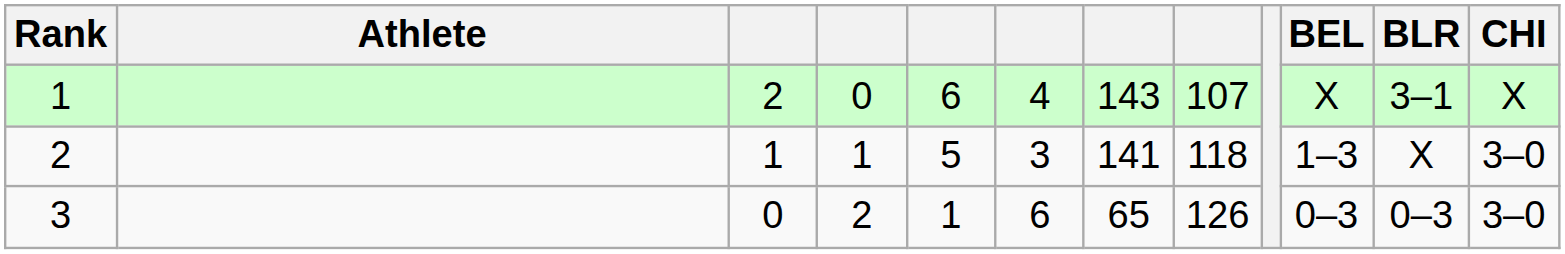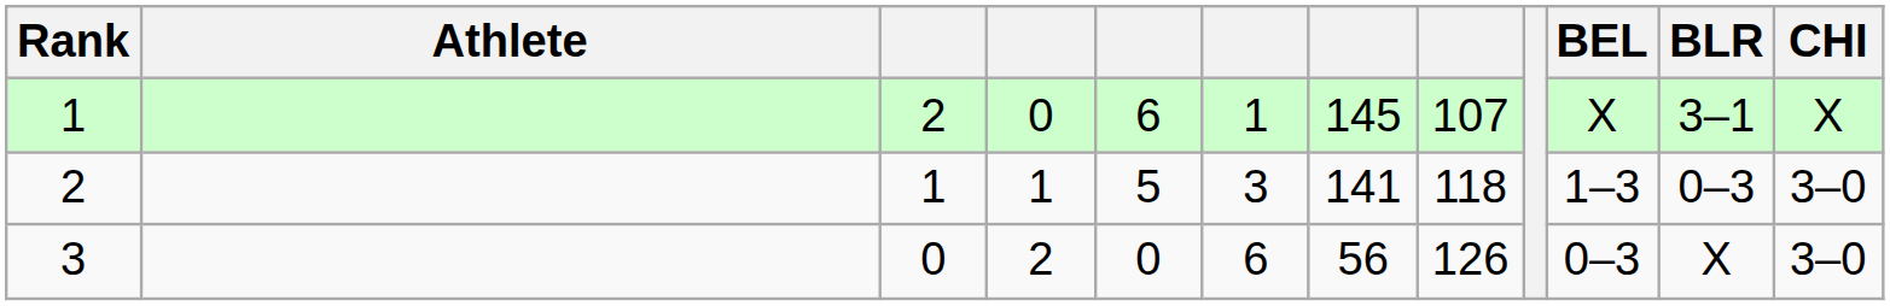 <table class="wikitable" style="text-align:center">
 <tr>
 <th>Rank</th>
 <th width=250>Athlete</th>
 <th width=30></th>
 <th width=30></th>
 <th width=30></th>
 <th width=30></th>
 <th width=30></th>
 <th width=30></th>
 <th rowspan=4></th>
 <th width=30>BEL</th>
 <th width=30>BLR</th>
 <th width=30>CHI</th>
 </tr>
 <tr bgcolor=#ccffcc>
 <td>1</td>
 <td align=left></td>
 <td>2</td>
 <td>0</td>
 <td>6</td>
-<td>4</td>
-<td>143</td>
+<td>1</td>
+<td>145</td>
 <td>107</td>
 <td>X</td>
 <td>3–1</td>
 <td>X</td>
 </tr>
 <tr>
 <td>2</td>
 <td align=left></td>
 <td>1</td>
 <td>1</td>
 <td>5</td>
 <td>3</td>
 <td>141</td>
 <td>118</td>
 <td>1–3</td>
-<td>X</td>
+<td>0–3</td>
 <td>3–0</td>
 </tr>
 <tr>
 <td>3</td>
 <td align=left></td>
 <td>0</td>
 <td>2</td>
-<td>1</td>
+<td>0</td>
 <td>6</td>
-<td>65</td>
+<td>56</td>
 <td>126</td>
 <td>0–3</td>
-<td>0–3</td>
+<td>X</td>
 <td>3–0</td>
 </tr>
 </table>
